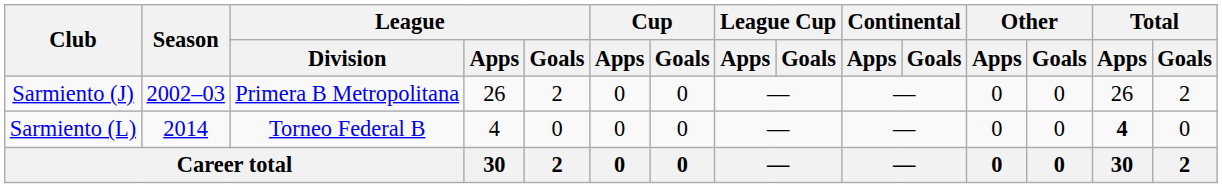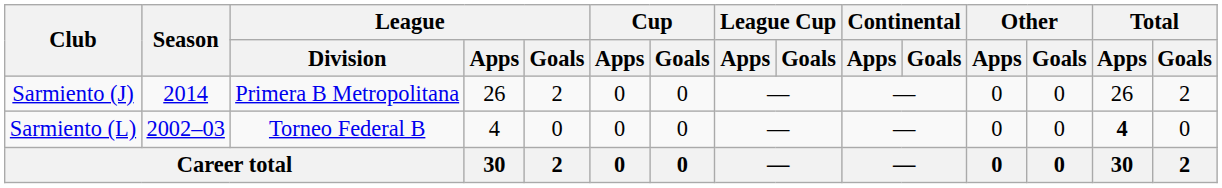 <table class="wikitable" style="text-align:center">
 <tr>
 <th rowspan="2">Club</th>
 <th rowspan="2">Season</th>
 <th colspan="3">League</th>
 <th colspan="2">Cup</th>
 <th colspan="2">League Cup</th>
 <th colspan="2">Continental</th>
 <th colspan="2">Other</th>
 <th colspan="2">Total</th>
 </tr>
 <tr>
 <th>Division</th>
 <th>Apps</th>
 <th>Goals</th>
 <th>Apps</th>
 <th>Goals</th>
 <th>Apps</th>
 <th>Goals</th>
 <th>Apps</th>
 <th>Goals</th>
 <th>Apps</th>
 <th>Goals</th>
 <th>Apps</th>
 <th>Goals</th>
 </tr>
 <tr>
 <td rowspan="1"><a href='#'>Sarmiento (J)</a></td>
-<td><a href='#'>2002–03</a></td>
+<td><a href='#'>2014</a></td>
 <td rowspan="1"><a href='#'>Primera B Metropolitana</a></td>
 <td>26</td>
 <td>2</td>
 <td>0</td>
 <td>0</td>
 <td colspan="2">—</td>
 <td colspan="2">—</td>
 <td>0</td>
 <td>0</td>
 <td>26</td>
 <td>2</td>
 </tr>
 <tr>
 <td rowspan="1"><a href='#'>Sarmiento (L)</a></td>
-<td><a href='#'>2014</a></td>
+<td><a href='#'>2002–03</a></td>
 <td rowspan="1"><a href='#'>Torneo Federal B</a></td>
 <td>4</td>
 <td>0</td>
 <td>0</td>
 <td>0</td>
 <td colspan="2">—</td>
 <td colspan="2">—</td>
 <td>0</td>
 <td>0</td>
 <td><strong>4</strong></td>
 <td>0</td>
 </tr>
 <tr>
 <th colspan="3">Career total</th>
 <th>30</th>
 <th>2</th>
 <th>0</th>
 <th>0</th>
 <th colspan="2">—</th>
 <th colspan="2">—</th>
 <th>0</th>
 <th>0</th>
 <th>30</th>
 <th>2</th>
 </tr>
 </table>
